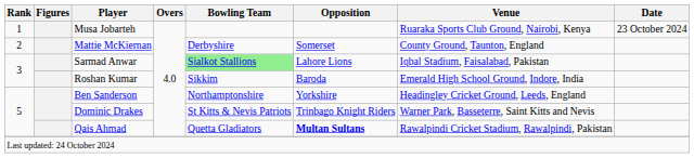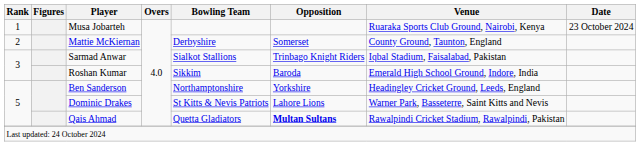 <table class="wikitable sortable">
 <tr>
 <th style="text-align:center;">Rank</th>
 <th style="text-align:center;">Figures</th>
 <th style="text-align:center;">Player</th>
 <th style="text-align:center;">Overs</th>
 <th style="text-align:center;">Bowling Team</th>
 <th style="text-align:center;">Opposition</th>
 <th style="text-align:center;">Venue</th>
 <th style="text-align:center;">Date</th>
 </tr>
 <tr>
 <td align=center>1</td>
 <th scope=row style=text-align:center;></th>
 <td> Musa Jobarteh</td>
 <td align=center rowspan=7>4.0</td>
 <td></td>
 <td></td>
 <td><a href='#'>Ruaraka Sports Club Ground</a>, <a href='#'>Nairobi</a>, Kenya</td>
 <td>23 October 2024</td>
 </tr>
 <tr>
 <td align=center>2</td>
 <th scope=row style=text-align:center;></th>
 <td> <a href='#'>Mattie McKiernan</a></td>
 <td><a href='#'>Derbyshire</a></td>
 <td><a href='#'>Somerset</a></td>
 <td><a href='#'>County Ground</a>, <a href='#'>Taunton</a>, England</td>
 <td></td>
 </tr>
 <tr>
 <td align=center rowspan=2>3</td>
 <th scope=row style=text-align:center;></th>
 <td> Sarmad Anwar</td>
-<td style="background: lightgreen;"><a href='#'>Sialkot Stallions</a></td>
-<td><a href='#'>Lahore Lions</a></td>
+<td><a href='#'>Sialkot Stallions</a></td>
+<td><a href='#'>Trinbago Knight Riders</a></td>
 <td><a href='#'>Iqbal Stadium</a>, <a href='#'>Faisalabad</a>, Pakistan</td>
 <td></td>
 </tr>
 <tr>
 <th scope=row style=text-align:center;></th>
 <td> Roshan Kumar</td>
 <td><a href='#'>Sikkim</a></td>
 <td><a href='#'>Baroda</a></td>
 <td><a href='#'>Emerald High School Ground</a>, <a href='#'>Indore</a>, India</td>
 <td></td>
 </tr>
 <tr>
 <td align=center rowspan=3>5</td>
 <th scope=row style=text-align:center; rowspan=2></th>
 <td> <a href='#'>Ben Sanderson</a></td>
 <td><a href='#'>Northamptonshire</a></td>
 <td><a href='#'>Yorkshire</a></td>
 <td><a href='#'>Headingley Cricket Ground</a>, <a href='#'>Leeds</a>, England</td>
 <td></td>
 </tr>
 <tr>
 <td> <a href='#'>Dominic Drakes</a></td>
 <td><a href='#'>St Kitts & Nevis Patriots</a></td>
-<td><a href='#'>Trinbago Knight Riders</a></td>
+<td><a href='#'>Lahore Lions</a></td>
 <td><a href='#'>Warner Park</a>, <a href='#'>Basseterre</a>, Saint Kitts and Nevis</td>
 <td></td>
 </tr>
 <tr>
 <th scope=row style=text-align:center;></th>
 <td> <a href='#'>Qais Ahmad</a></td>
 <td><a href='#'>Quetta Gladiators</a></td>
 <td><strong><a href='#'>Multan Sultans</a></strong></td>
 <td><a href='#'>Rawalpindi Cricket Stadium</a>, <a href='#'>Rawalpindi</a>, Pakistan</td>
 <td></td>
 </tr>
 <tr>
 </tr>
 <tr class=sortbottom>
 <td colspan=8><small>Last updated: 24 October 2024</small></td>
 </tr>
 </table>
